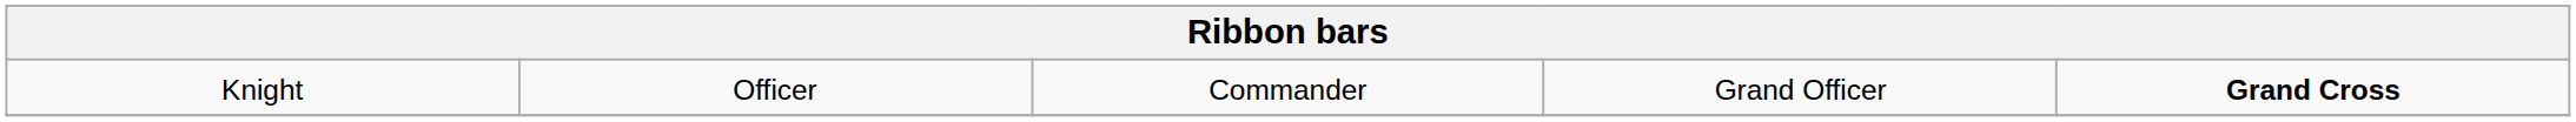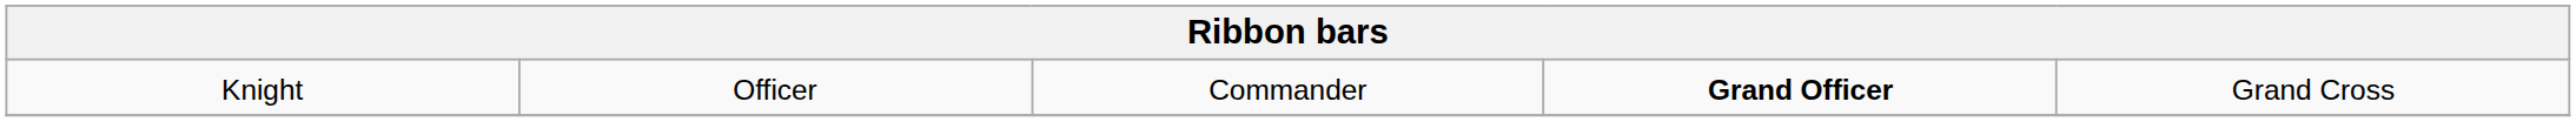 <table class="wikitable" style="margin:1em auto; text-align:center; width:60%;">
 <tr>
 <th colspan=6><strong>Ribbon bars</strong></th>
 </tr>
 <tr>
 <td width=20% valign=top><small>Knight</small></td>
 <td width=20% valign=top><small>Officer</small></td>
 <td width=20% valign=top><small>Commander</small></td>
-<td width=20% valign=top><small>Grand Officer</small></td>
-<td width=20% valign=top><strong><small>Grand Cross</small></strong></td>
+<td width=20% valign=top><strong><small>Grand Officer</small></strong></td>
+<td width=20% valign=top><small>Grand Cross</small></td>
 </tr>
 <tr>
 </tr>
 </table>
